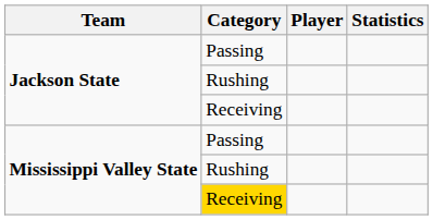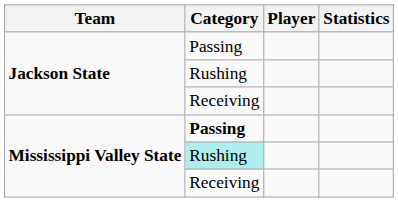 <table class="wikitable" style="float: left;">
 <tr>
 <th>Team</th>
 <th>Category</th>
 <th>Player</th>
 <th>Statistics</th>
 </tr>
 <tr>
 <td rowspan=3><strong>Jackson State</strong></td>
 <td>Passing</td>
 <td></td>
 <td> </td>
 </tr>
 <tr>
 <td>Rushing</td>
 <td></td>
 <td> </td>
 </tr>
 <tr>
 <td>Receiving</td>
 <td></td>
 <td> </td>
 </tr>
 <tr>
 <td rowspan=3><strong>Mississippi Valley State</strong></td>
-<td>Passing</td>
+<td><strong>Passing</strong></td>
 <td></td>
 <td> </td>
 </tr>
 <tr>
-<td>Rushing</td>
+<td style="background: paleturquoise;">Rushing</td>
 <td></td>
 <td> </td>
 </tr>
 <tr>
-<td style="background: gold;">Receiving</td>
+<td>Receiving</td>
 <td></td>
 <td> </td>
 </tr>
 </table>
